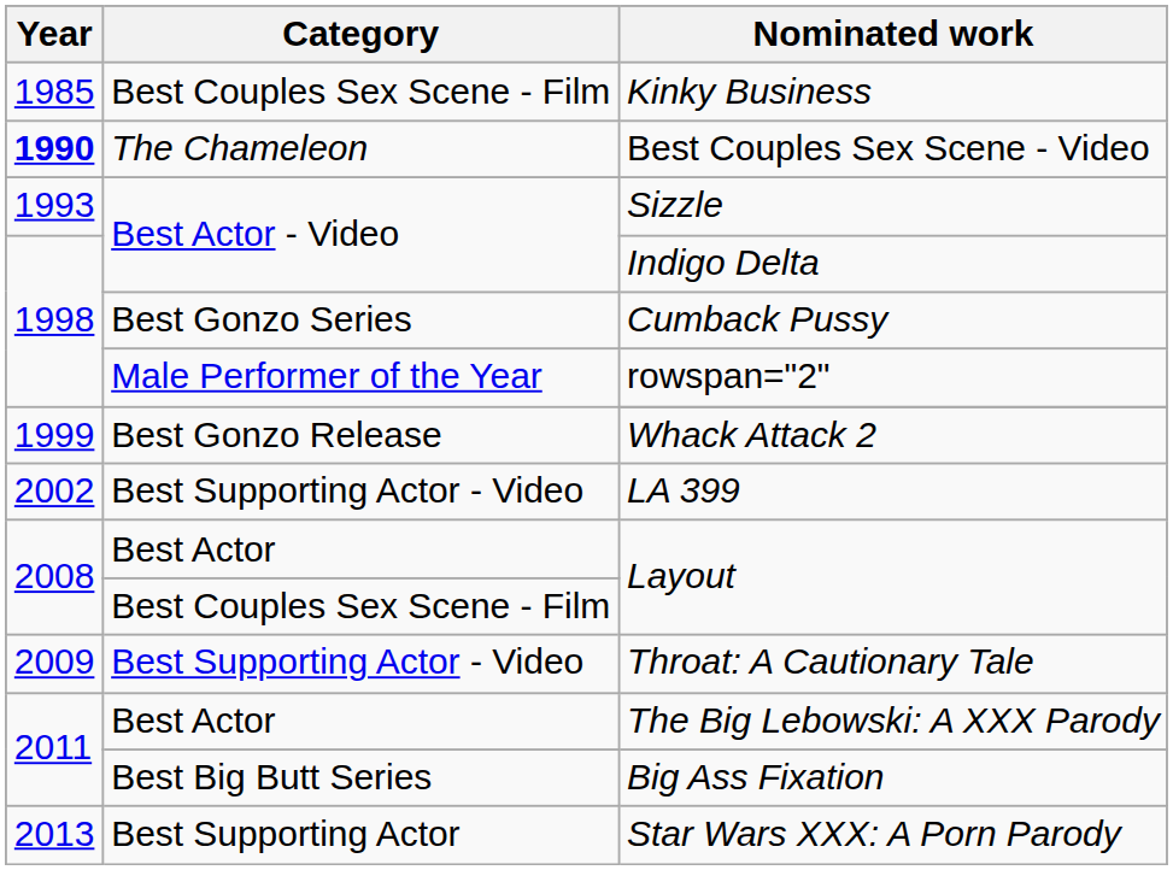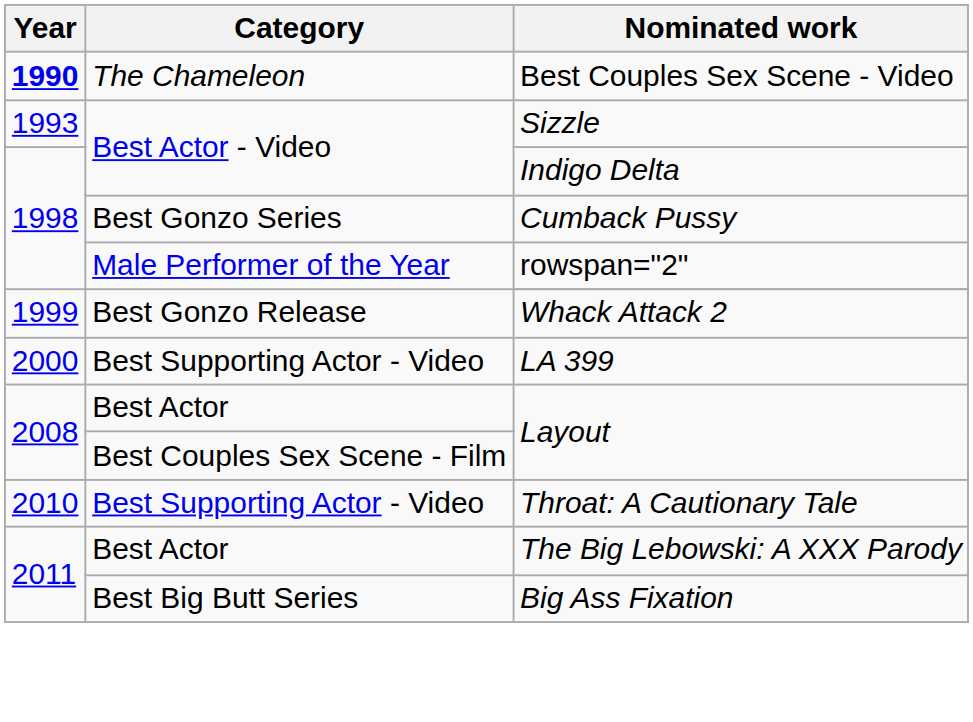 <table class="wikitable">
 <tr>
 <th>Year</th>
 <th>Category</th>
 <th>Nominated work</th>
-</tr>
-<tr>
-<td><a href='#'>1985</a></td>
-<td>Best Couples Sex Scene - Film</td>
-<td><em>Kinky Business</em></td>
 </tr>
 <tr>
 <td><strong><a href='#'>1990</a></strong></td>
 <td><em>The Chameleon</em></td>
 <td>Best Couples Sex Scene - Video</td>
 </tr>
 <tr>
 <td><a href='#'>1993</a></td>
 <td rowspan="2"><a href='#'>Best Actor</a> - Video</td>
 <td><em>Sizzle</em></td>
 </tr>
 <tr>
 <td rowspan="3"><a href='#'>1998</a></td>
 <td><em>Indigo Delta</em></td>
 </tr>
 <tr>
 <td>Best Gonzo Series</td>
 <td><em>Cumback Pussy</em></td>
 </tr>
 <tr>
 <td rowspan="2"><a href='#'>Male Performer of the Year</a></td>
 <td>rowspan="2" </td>
 </tr>
 <tr>
 <td rowspan="2"><a href='#'>1999</a></td>
 </tr>
 <tr>
 <td>Best Gonzo Release</td>
 <td><em>Whack Attack 2</em></td>
 </tr>
 <tr>
-<td><a href='#'>2002</a></td>
+<td><a href='#'>2000</a></td>
 <td>Best Supporting Actor - Video</td>
 <td><em>LA 399</em></td>
 </tr>
 <tr>
 <td rowspan="2"><a href='#'>2008</a></td>
 <td>Best Actor</td>
 <td rowspan="2"><em>Layout</em></td>
 </tr>
 <tr>
 <td>Best Couples Sex Scene - Film</td>
 </tr>
 <tr>
-<td><a href='#'>2009</a></td>
+<td><a href='#'>2010</a></td>
 <td><a href='#'>Best Supporting Actor</a> - Video</td>
 <td><em>Throat: A Cautionary Tale</em></td>
 </tr>
 <tr>
 <td rowspan="2"><a href='#'>2011</a></td>
 <td>Best Actor</td>
 <td><em>The Big Lebowski: A XXX Parody</em></td>
 </tr>
 <tr>
 <td>Best Big Butt Series</td>
 <td><em>Big Ass Fixation</em></td>
 </tr>
-<tr>
-<td><a href='#'>2013</a></td>
-<td>Best Supporting Actor</td>
-<td><em>Star Wars XXX: A Porn Parody</em></td>
-</tr>
 </table>
